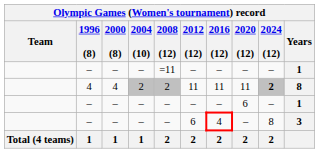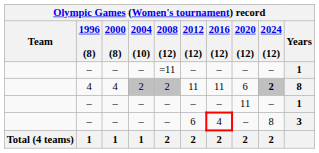 <table class="wikitable" style="text-align:center">
 <tr>
 <th colspan=10><a href='#'>Olympic Games</a> (<a href='#'>Women's tournament</a>) record</th>
 </tr>
 <tr>
 <th>Team</th>
 <th><a href='#'>1996</a><br><br>(8)</th>
 <th><a href='#'>2000</a><br><br>(8)</th>
 <th><a href='#'>2004</a><br><br>(10)</th>
 <th><a href='#'>2008</a><br><br>(12)</th>
 <th><a href='#'>2012</a><br><br>(12)</th>
 <th><a href='#'>2016</a><br><br>(12)</th>
 <th><a href='#'>2020</a><br><br>(12)</th>
 <th><a href='#'>2024</a><br><br>(12)</th>
 <th>Years</th>
 </tr>
 <tr>
 <td align=left></td>
 <td>–</td>
 <td>–</td>
 <td>–</td>
 <td>=11</td>
 <td>–</td>
 <td>–</td>
 <td>–</td>
 <td>–</td>
 <th>1</th>
 </tr>
 <tr>
 <td align=left></td>
 <td>4</td>
 <td>4</td>
 <td style="background:silver;">2</td>
 <td style="background:silver;">2</td>
 <td>11</td>
 <td>11</td>
-<td>11</td>
+<td>6</td>
 <td style="background:silver;"><strong>2</strong></td>
 <th>8</th>
 </tr>
 <tr>
 <td align=left></td>
 <td>–</td>
 <td>–</td>
 <td>–</td>
 <td>–</td>
 <td>–</td>
 <td>–</td>
-<td>6</td>
+<td>11</td>
 <td>–</td>
 <th>1</th>
 </tr>
 <tr>
 <td align=left></td>
 <td>–</td>
 <td>–</td>
 <td>–</td>
 <td>–</td>
 <td>6</td>
 <td style="border:3px solid red">4</td>
 <td>–</td>
 <td>8</td>
 <th>3</th>
 </tr>
 <tr>
 <th align=left><strong>Total (4 teams)</strong></th>
 <th><strong>1</strong></th>
 <th><strong>1</strong></th>
 <th><strong>1</strong></th>
 <th><strong>2</strong></th>
 <th><strong>2</strong></th>
 <th><strong>2</strong></th>
 <th><strong>2</strong></th>
 <th><strong>2</strong></th>
 <th></th>
 </tr>
 </table>
